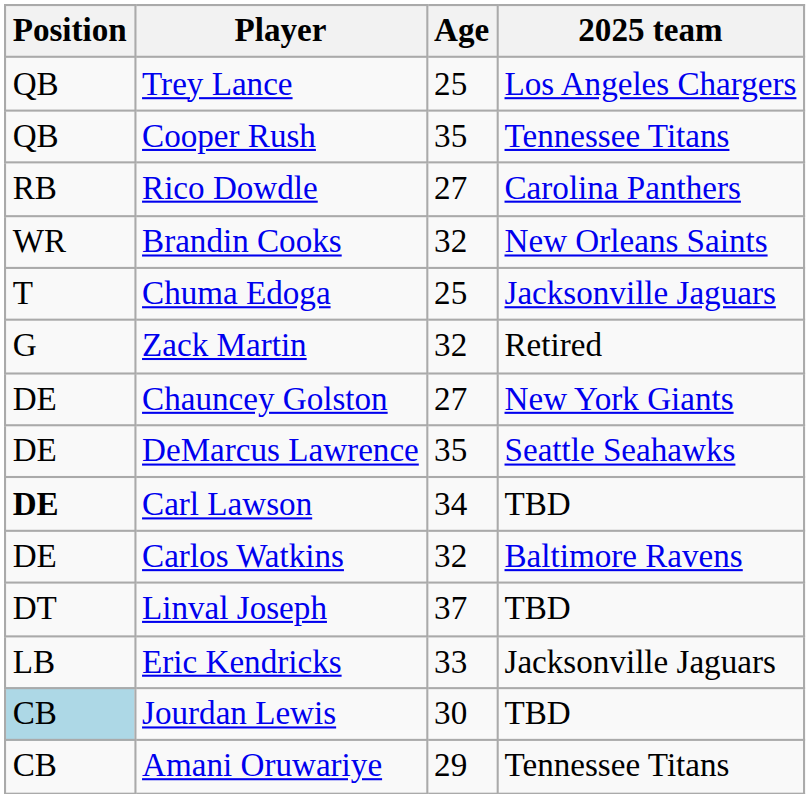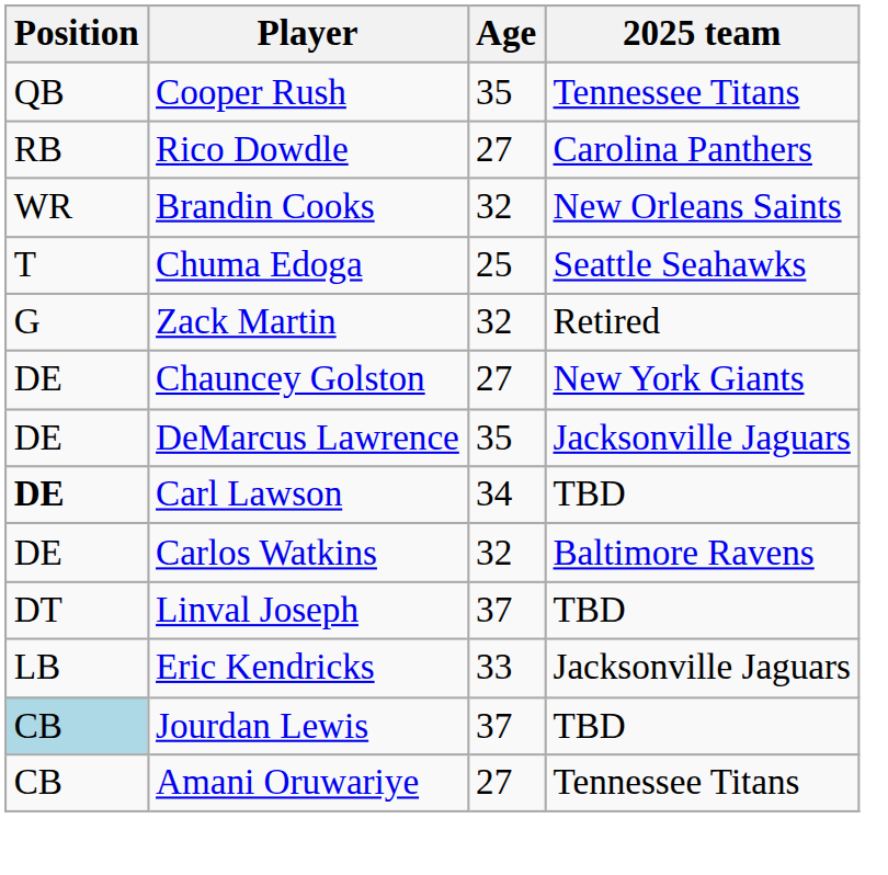 <table class="wikitable">
 <tr>
 <th>Position</th>
 <th>Player</th>
 <th>Age</th>
 <th>2025 team</th>
-</tr>
-<tr>
-<td>QB</td>
-<td><a href='#'>Trey Lance</a></td>
-<td>25</td>
-<td><a href='#'>Los Angeles Chargers</a></td>
 </tr>
 <tr>
 <td>QB</td>
 <td><a href='#'>Cooper Rush</a></td>
 <td>35</td>
 <td><a href='#'>Tennessee Titans</a></td>
 </tr>
 <tr>
 <td>RB</td>
 <td><a href='#'>Rico Dowdle</a></td>
 <td>27</td>
 <td><a href='#'>Carolina Panthers</a></td>
 </tr>
 <tr>
 <td>WR</td>
 <td><a href='#'>Brandin Cooks</a></td>
 <td>32</td>
 <td><a href='#'>New Orleans Saints</a></td>
 </tr>
 <tr>
 <td>T</td>
 <td><a href='#'>Chuma Edoga</a></td>
 <td>25</td>
-<td><a href='#'>Jacksonville Jaguars</a></td>
+<td><a href='#'>Seattle Seahawks</a></td>
 </tr>
 <tr>
 <td>G</td>
 <td><a href='#'>Zack Martin</a></td>
 <td>32</td>
 <td>Retired</td>
 </tr>
 <tr>
 <td>DE</td>
 <td><a href='#'>Chauncey Golston</a></td>
 <td>27</td>
 <td><a href='#'>New York Giants</a></td>
 </tr>
 <tr>
 <td>DE</td>
 <td><a href='#'>DeMarcus Lawrence</a></td>
 <td>35</td>
-<td><a href='#'>Seattle Seahawks</a></td>
+<td><a href='#'>Jacksonville Jaguars</a></td>
 </tr>
 <tr>
 <td><strong>DE</strong></td>
 <td><a href='#'>Carl Lawson</a></td>
 <td>34</td>
 <td>TBD</td>
 </tr>
 <tr>
 <td>DE</td>
 <td><a href='#'>Carlos Watkins</a></td>
 <td>32</td>
 <td><a href='#'>Baltimore Ravens</a></td>
 </tr>
 <tr>
 <td>DT</td>
 <td><a href='#'>Linval Joseph</a></td>
 <td>37</td>
 <td>TBD</td>
 </tr>
 <tr>
 <td>LB</td>
 <td><a href='#'>Eric Kendricks</a></td>
 <td>33</td>
 <td>Jacksonville Jaguars</td>
 </tr>
 <tr>
 <td style="background: lightblue;">CB</td>
 <td><a href='#'>Jourdan Lewis</a></td>
-<td>30</td>
+<td>37</td>
 <td>TBD</td>
 </tr>
 <tr>
 <td>CB</td>
 <td><a href='#'>Amani Oruwariye</a></td>
-<td>29</td>
+<td>27</td>
 <td>Tennessee Titans</td>
 </tr>
 </table>
